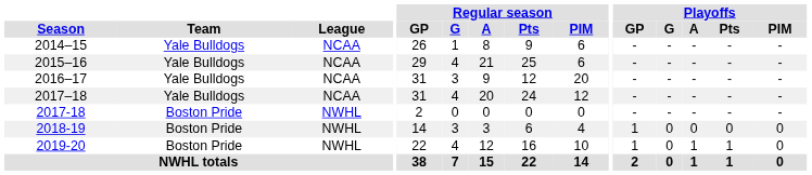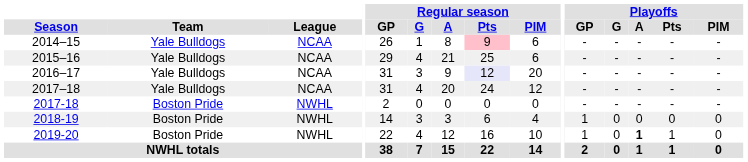 <table border="0" cellpadding="1" cellspacing="0" style="text-align:center; width:60em">
 <tr bgcolor="#e0e0e0">
 <th colspan="3" bgcolor="#ffffff"></th>
 <th rowspan="99" bgcolor="#ffffff"></th>
 <th colspan="5"><a href='#'>Regular season</a></th>
 <th rowspan="99" bgcolor="#ffffff"></th>
 <th colspan="5"><a href='#'>Playoffs</a></th>
 </tr>
 <tr bgcolor="#e0e0e0">
 <th><a href='#'>Season</a></th>
 <th>Team</th>
 <th>League</th>
 <th>GP</th>
 <th><a href='#'>G</a></th>
 <th><a href='#'>A</a></th>
 <th><a href='#'>Pts</a></th>
 <th><a href='#'>PIM</a></th>
 <th>GP</th>
 <th>G</th>
 <th>A</th>
 <th>Pts</th>
 <th>PIM</th>
 </tr>
 <tr>
 <td>2014–15</td>
 <td><a href='#'>Yale Bulldogs</a></td>
 <td><a href='#'>NCAA</a></td>
 <td>26</td>
 <td>1</td>
 <td>8</td>
-<td>9</td>
+<td style="background: pink;">9</td>
 <td>6</td>
 <td>-</td>
 <td>-</td>
 <td>-</td>
 <td>-</td>
 <td>-</td>
 </tr>
 <tr style="background:#f0f0f0;">
 <td>2015–16</td>
 <td>Yale Bulldogs</td>
 <td>NCAA</td>
 <td>29</td>
 <td>4</td>
 <td>21</td>
 <td>25</td>
 <td>6</td>
 <td>-</td>
 <td>-</td>
 <td>-</td>
 <td>-</td>
 <td>-</td>
 </tr>
 <tr>
 <td>2016–17</td>
 <td>Yale Bulldogs</td>
 <td>NCAA</td>
 <td>31</td>
 <td>3</td>
 <td>9</td>
-<td>12</td>
+<td style="background: lavender;">12</td>
 <td>20</td>
 <td>-</td>
 <td>-</td>
 <td>-</td>
 <td>-</td>
 <td>-</td>
 </tr>
 <tr style="background:#f0f0f0;">
 <td>2017–18</td>
 <td>Yale Bulldogs</td>
 <td>NCAA</td>
 <td>31</td>
 <td>4</td>
 <td>20</td>
 <td>24</td>
 <td>12</td>
 <td>-</td>
 <td>-</td>
 <td>-</td>
 <td>-</td>
 <td>-</td>
 </tr>
 <tr>
 <td><a href='#'>2017-18</a></td>
 <td><a href='#'>Boston Pride</a></td>
 <td><a href='#'>NWHL</a></td>
 <td>2</td>
 <td>0</td>
 <td>0</td>
 <td>0</td>
 <td>0</td>
 <td>-</td>
 <td>-</td>
 <td>-</td>
 <td>-</td>
 <td>-</td>
 </tr>
 <tr bgcolor="#f0f0f0">
 <td><a href='#'>2018-19</a></td>
 <td>Boston Pride</td>
 <td>NWHL</td>
 <td>14</td>
 <td>3</td>
 <td>3</td>
 <td>6</td>
 <td>4</td>
 <td>1</td>
 <td>0</td>
 <td>0</td>
 <td>0</td>
 <td>0</td>
 </tr>
 <tr>
 <td><a href='#'>2019-20</a></td>
 <td>Boston Pride</td>
 <td>NWHL</td>
 <td>22</td>
 <td>4</td>
 <td>12</td>
 <td>16</td>
 <td>10</td>
 <td>1</td>
 <td>0</td>
-<td>1</td>
+<td><strong>1</strong></td>
 <td>1</td>
 <td>0</td>
 </tr>
 <tr bgcolor="#e0e0e0">
 <th colspan="3">NWHL totals</th>
 <th>38</th>
 <th>7</th>
 <th>15</th>
 <th>22</th>
 <th>14</th>
 <th>2</th>
 <th>0</th>
 <th>1</th>
 <th>1</th>
 <th>0</th>
 </tr>
 </table>
